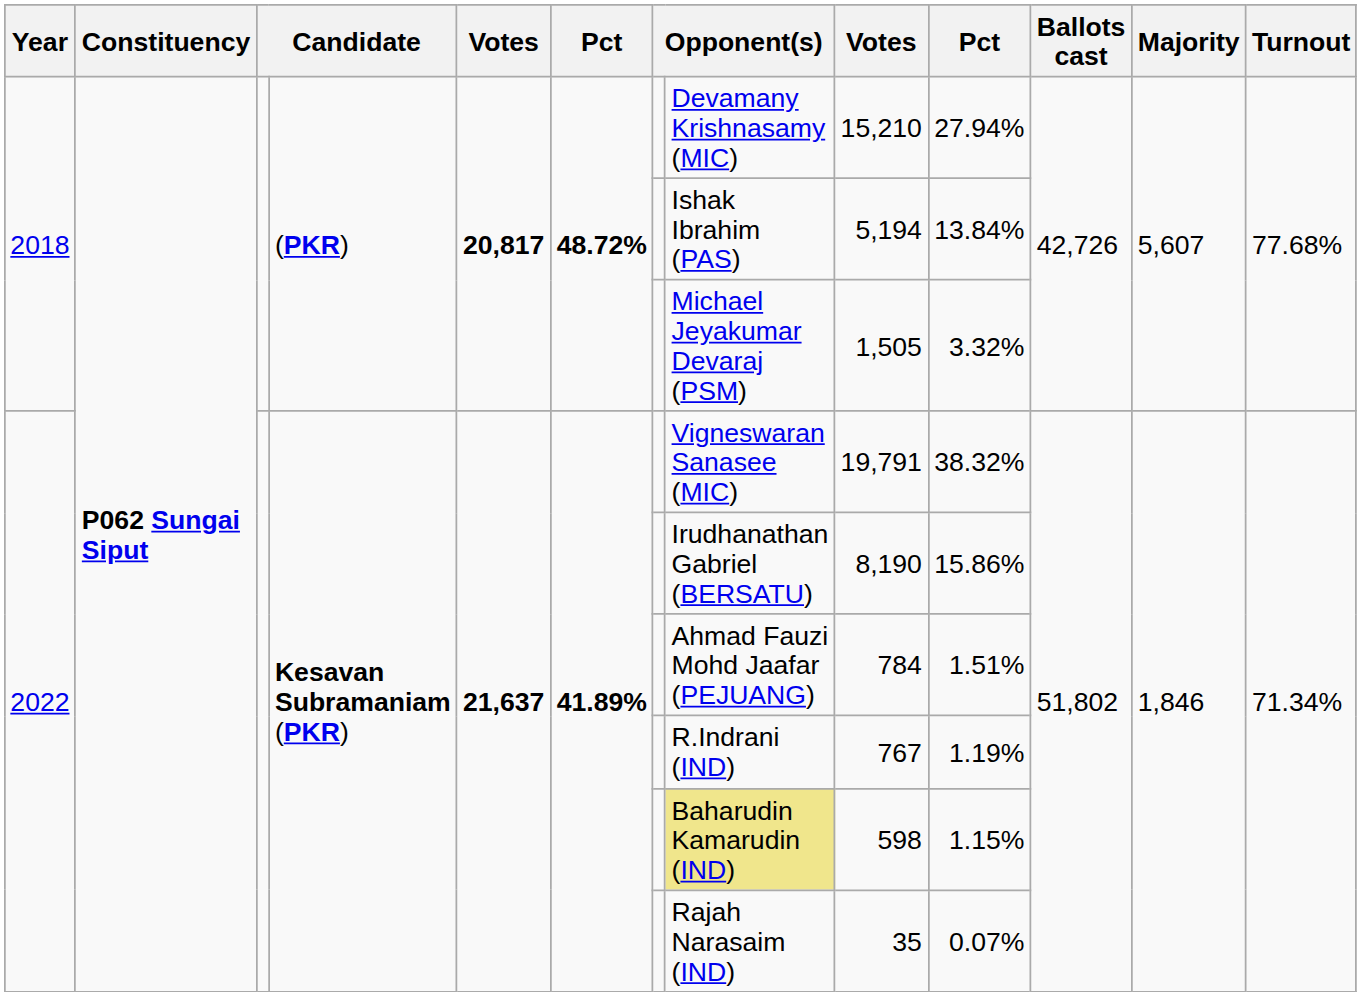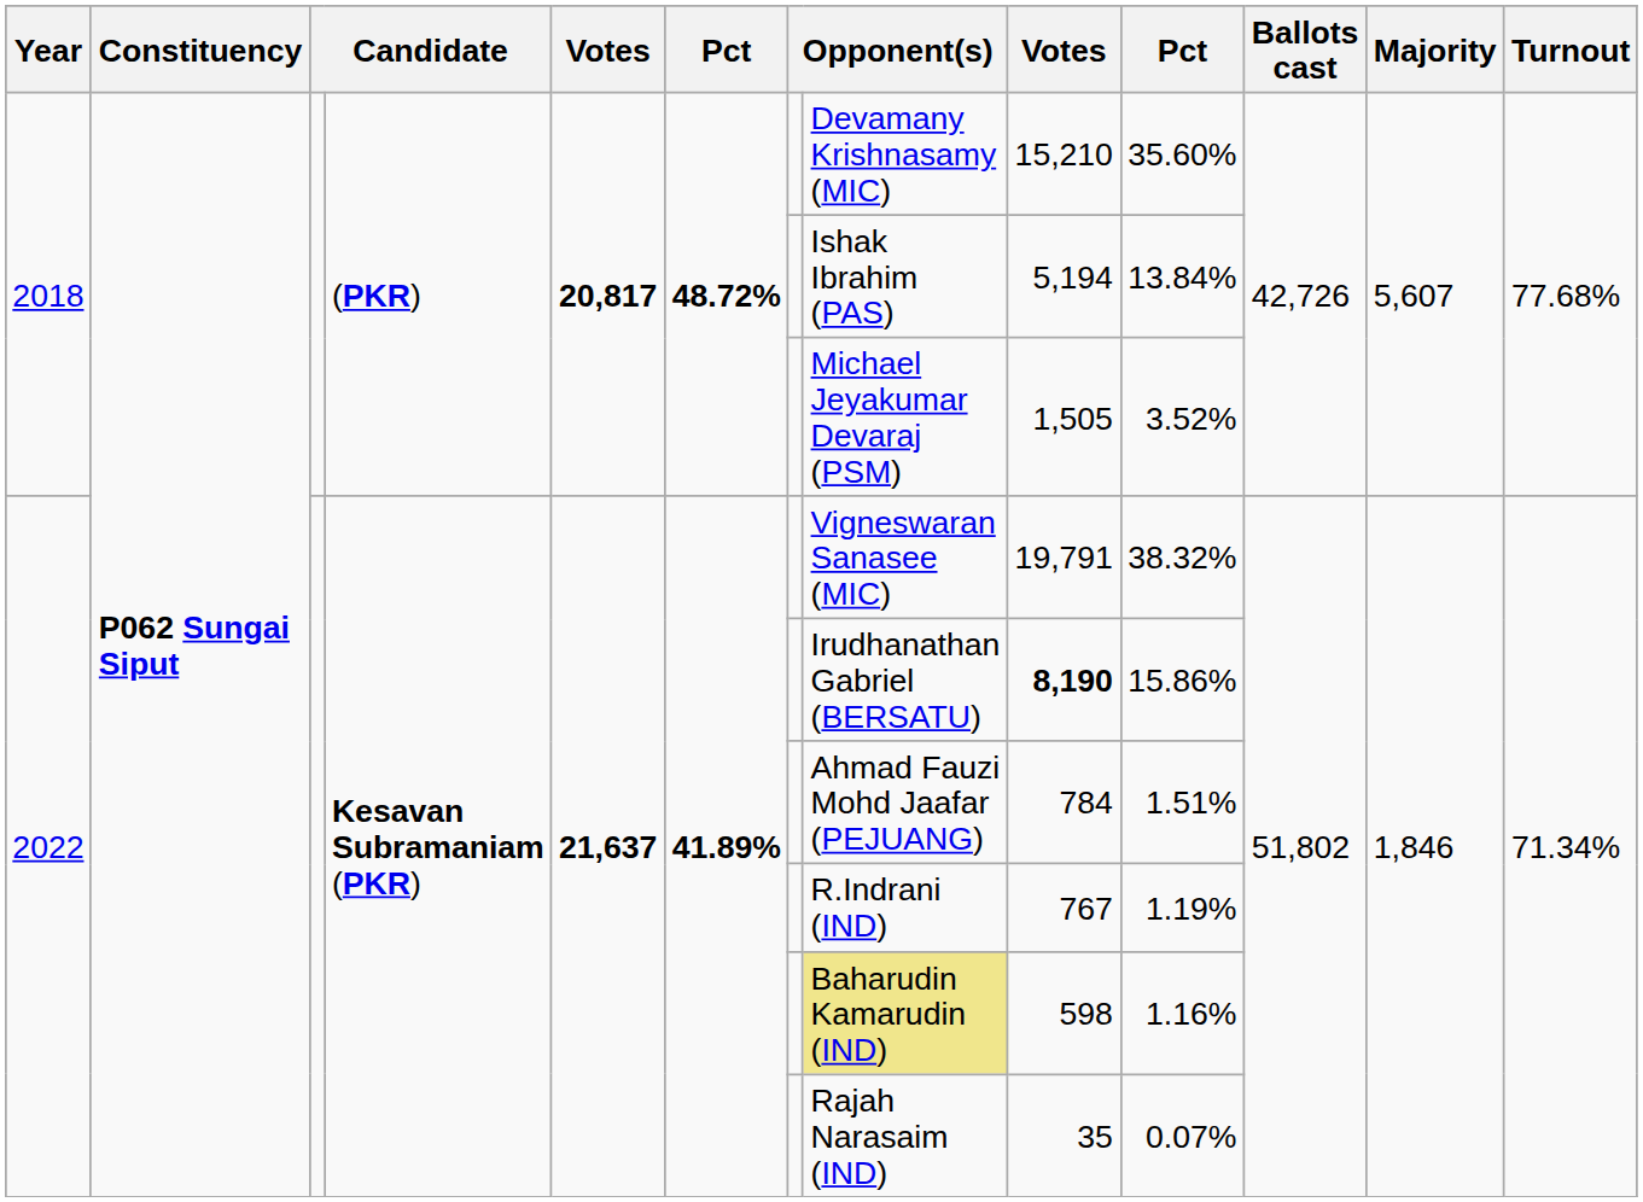 <table class="wikitable" style="margin:0.5em ; font-size:95%">
 <tr>
 <th>Year</th>
 <th>Constituency</th>
 <th colspan=2>Candidate</th>
 <th>Votes</th>
 <th>Pct</th>
 <th colspan=2>Opponent(s)</th>
 <th>Votes</th>
 <th>Pct</th>
 <th>Ballots cast</th>
 <th>Majority</th>
 <th>Turnout</th>
 </tr>
 <tr>
 <td rowspan="3"><a href='#'>2018</a></td>
 <td rowspan="9"><strong>P062 <a href='#'>Sungai Siput</a></strong></td>
 <td rowspan="3" ></td>
 <td rowspan="3"> (<a href='#'><strong>PKR</strong></a>)</td>
 <td rowspan="3" align=right><strong>20,817</strong></td>
 <td rowspan="3"><strong>48.72%</strong></td>
 <td></td>
 <td><a href='#'>Devamany Krishnasamy</a> (<a href='#'>MIC</a>)</td>
 <td align=right>15,210</td>
-<td>27.94%</td>
+<td>35.60%</td>
 <td rowspan="3">42,726</td>
 <td rowspan="3">5,607</td>
 <td rowspan="3">77.68%</td>
 </tr>
 <tr>
 <td></td>
 <td>Ishak Ibrahim (<a href='#'>PAS</a>)</td>
 <td align=right>5,194</td>
 <td>13.84%</td>
 </tr>
 <tr>
 <td bgcolor=></td>
 <td><a href='#'>Michael Jeyakumar Devaraj</a> (<a href='#'>PSM</a>)</td>
 <td align=right>1,505</td>
-<td align=right>3.32%</td>
+<td align=right>3.52%</td>
 </tr>
 <tr>
 <td rowspan=6><a href='#'>2022</a></td>
 <td rowspan=6 ></td>
 <td rowspan=6><strong>Kesavan Subramaniam</strong> (<a href='#'><strong>PKR</strong></a>)</td>
 <td rowspan=6 align="right"><strong>21,637</strong></td>
 <td rowspan=6><strong>41.89%</strong></td>
 <td></td>
 <td><a href='#'>Vigneswaran Sanasee</a> (<a href='#'>MIC</a>)</td>
 <td align="right">19,791</td>
 <td>38.32%</td>
 <td rowspan=6>51,802</td>
 <td rowspan=6>1,846</td>
 <td rowspan=6>71.34%</td>
 </tr>
 <tr>
 <td bgcolor=></td>
 <td>Irudhanathan Gabriel (<a href='#'>BERSATU</a>)</td>
-<td align="right">8,190</td>
+<td align="right"><strong>8,190</strong></td>
 <td>15.86%</td>
 </tr>
 <tr>
 <td bgcolor=></td>
 <td>Ahmad Fauzi Mohd Jaafar (<a href='#'>PEJUANG</a>)</td>
 <td align="right">784</td>
 <td align=right>1.51%</td>
 </tr>
 <tr>
 <td></td>
 <td>R.Indrani (<a href='#'>IND</a>)</td>
 <td align="right">767</td>
 <td align=right>1.19%</td>
 </tr>
 <tr>
 <td></td>
 <td style="background: khaki;">Baharudin Kamarudin (<a href='#'>IND</a>)</td>
 <td align="right">598</td>
-<td align=right>1.15%</td>
+<td align=right>1.16%</td>
 </tr>
 <tr>
 <td></td>
 <td>Rajah Narasaim (<a href='#'>IND</a>)</td>
 <td align="right">35</td>
 <td align=right>0.07%</td>
 </tr>
 </table>
